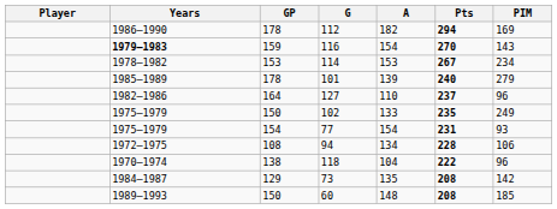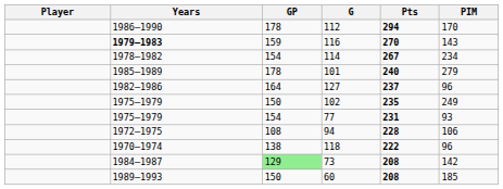 <table class="wikitable sortable" width ="700" cellpadding="1" border="1" cellspacing="0">
 <tr>
 <th>Player</th>
 <th>Years</th>
 <th>GP</th>
 <th>G</th>
-<th>A</th>
 <th>Pts</th>
 <th>PIM</th>
 </tr>
 <tr>
 <td></td>
 <td>1986–1990</td>
 <td>178</td>
 <td>112</td>
-<td>182</td>
 <td><strong>294</strong></td>
-<td>169</td>
+<td>170</td>
 </tr>
 <tr>
 <td></td>
 <td><strong>1979–1983</strong></td>
 <td>159</td>
 <td>116</td>
-<td>154</td>
 <td><strong>270</strong></td>
 <td>143</td>
 </tr>
 <tr>
 <td></td>
 <td>1978–1982</td>
-<td>153</td>
+<td>154</td>
 <td>114</td>
-<td>153</td>
 <td><strong>267</strong></td>
 <td>234</td>
 </tr>
 <tr>
 <td></td>
 <td>1985–1989</td>
 <td>178</td>
 <td>101</td>
-<td>139</td>
 <td><strong>240</strong></td>
 <td>279</td>
 </tr>
 <tr>
 <td></td>
 <td>1982–1986</td>
 <td>164</td>
 <td>127</td>
-<td>110</td>
 <td><strong>237</strong></td>
 <td>96</td>
 </tr>
 <tr>
 <td></td>
 <td>1975–1979</td>
 <td>150</td>
 <td>102</td>
-<td>133</td>
 <td><strong>235</strong></td>
 <td>249</td>
 </tr>
 <tr>
 <td></td>
 <td>1975–1979</td>
 <td>154</td>
 <td>77</td>
-<td>154</td>
 <td><strong>231</strong></td>
 <td>93</td>
 </tr>
 <tr>
 <td></td>
 <td>1972–1975</td>
 <td>108</td>
 <td>94</td>
-<td>134</td>
 <td><strong>228</strong></td>
 <td>106</td>
 </tr>
 <tr>
 <td></td>
 <td>1970–1974</td>
 <td>138</td>
 <td>118</td>
-<td>104</td>
 <td><strong>222</strong></td>
 <td>96</td>
 </tr>
 <tr>
 <td></td>
 <td>1984–1987</td>
-<td>129</td>
+<td style="background: lightgreen;">129</td>
 <td>73</td>
-<td>135</td>
 <td><strong>208</strong></td>
 <td>142</td>
 </tr>
 <tr>
 <td></td>
 <td>1989–1993</td>
 <td>150</td>
 <td>60</td>
-<td>148</td>
 <td><strong>208</strong></td>
 <td>185</td>
 </tr>
 </table>
